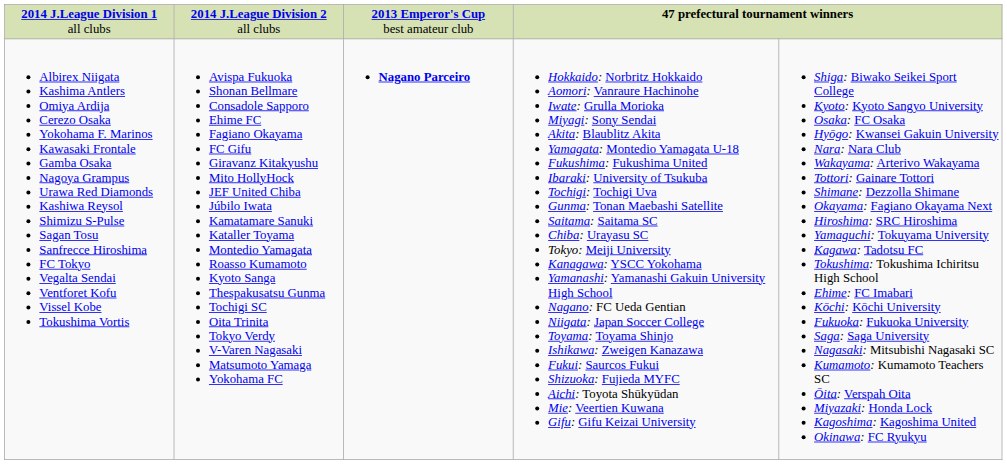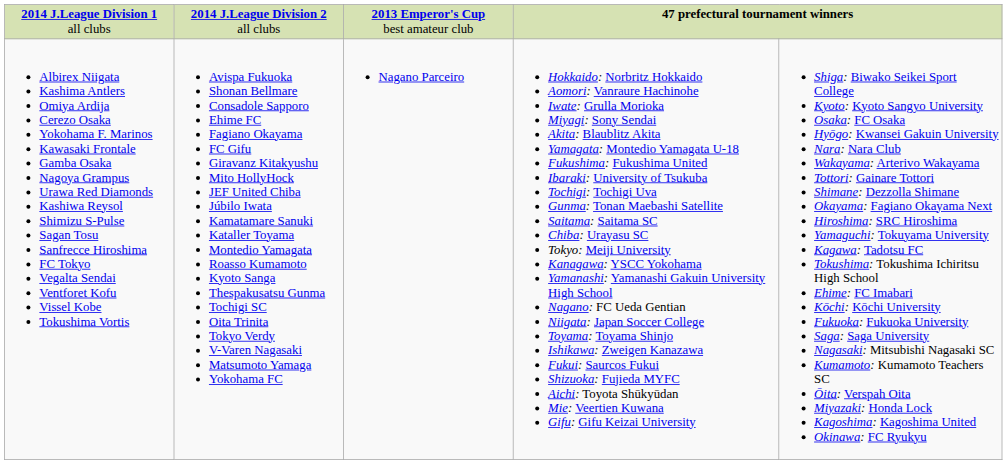 <table class="wikitable">
 <tr style="vertical-align:top; background:#d6e2b3; text-align:center;">
 <td style="width:17%;"><strong><a href='#'>2014 J.League Division 1</a></strong><br>all clubs</td>
 <td style="width:17%;"><strong><a href='#'>2014 J.League Division 2</a></strong><br>all clubs</td>
 <td style="width:17%;"><strong><a href='#'>2013 Emperor's Cup</a></strong><br>best amateur club</td>
 <td colspan="2" style="width:49%;"><strong>47 prefectural tournament winners</strong><br></td>
 </tr>
 <tr valign="top">
 <td><br><ul><li><a href='#'>Albirex Niigata</a></li><li><a href='#'>Kashima Antlers</a></li><li><a href='#'>Omiya Ardija</a></li><li><a href='#'>Cerezo Osaka</a></li><li><a href='#'>Yokohama F. Marinos</a></li><li><a href='#'>Kawasaki Frontale</a></li><li><a href='#'>Gamba Osaka</a></li><li><a href='#'>Nagoya Grampus</a></li><li><a href='#'>Urawa Red Diamonds</a></li><li><a href='#'>Kashiwa Reysol</a></li><li><a href='#'>Shimizu S-Pulse</a></li><li><a href='#'>Sagan Tosu</a></li><li><a href='#'>Sanfrecce Hiroshima</a></li><li><a href='#'>FC Tokyo</a></li><li><a href='#'>Vegalta Sendai</a></li><li><a href='#'>Ventforet Kofu</a></li><li><a href='#'>Vissel Kobe</a></li><li><a href='#'>Tokushima Vortis</a></li></ul></td>
 <td><br><ul><li><a href='#'>Avispa Fukuoka</a></li><li><a href='#'>Shonan Bellmare</a></li><li><a href='#'>Consadole Sapporo</a></li><li><a href='#'>Ehime FC</a></li><li><a href='#'>Fagiano Okayama</a></li><li><a href='#'>FC Gifu</a></li><li><a href='#'>Giravanz Kitakyushu</a></li><li><a href='#'>Mito HollyHock</a></li><li><a href='#'>JEF United Chiba</a></li><li><a href='#'>Júbilo Iwata</a></li><li><a href='#'>Kamatamare Sanuki</a></li><li><a href='#'>Kataller Toyama</a></li><li><a href='#'>Montedio Yamagata</a></li><li><a href='#'>Roasso Kumamoto</a></li><li><a href='#'>Kyoto Sanga</a></li><li><a href='#'>Thespakusatsu Gunma</a></li><li><a href='#'>Tochigi SC</a></li><li><a href='#'>Oita Trinita</a></li><li><a href='#'>Tokyo Verdy</a></li><li><a href='#'>V-Varen Nagasaki</a></li><li><a href='#'>Matsumoto Yamaga</a></li><li><a href='#'>Yokohama FC</a></li></ul></td>
-<td><strong><br><ul><li><a href='#'>Nagano Parceiro</a></li></ul></strong></td>
+<td><br><ul><li><a href='#'>Nagano Parceiro</a></li></ul></td>
 <td><br><ul><li><em><a href='#'>Hokkaido</a>:</em> <a href='#'>Norbritz Hokkaido</a></li><li><em><a href='#'>Aomori</a>:</em> <a href='#'>Vanraure Hachinohe</a></li><li><em><a href='#'>Iwate</a>:</em> <a href='#'>Grulla Morioka</a></li><li><em><a href='#'>Miyagi</a>:</em> <a href='#'>Sony Sendai</a></li><li><em><a href='#'>Akita</a>:</em> <a href='#'>Blaublitz Akita</a></li><li><em><a href='#'>Yamagata</a>:</em> <a href='#'>Montedio Yamagata U-18</a></li><li><em><a href='#'>Fukushima</a>:</em> <a href='#'>Fukushima United</a></li><li><em><a href='#'>Ibaraki</a>:</em> <a href='#'>University of Tsukuba</a></li><li><em><a href='#'>Tochigi</a>:</em> <a href='#'>Tochigi Uva</a></li><li><em><a href='#'>Gunma</a>:</em> <a href='#'>Tonan Maebashi Satellite</a></li><li><em><a href='#'>Saitama</a>:</em> <a href='#'>Saitama SC</a></li><li><em><a href='#'>Chiba</a>:</em> <a href='#'>Urayasu SC</a></li><li><em>Tokyo:</em> <a href='#'>Meiji University</a></li><li><em><a href='#'>Kanagawa</a>:</em> <a href='#'>YSCC Yokohama</a></li><li><em><a href='#'>Yamanashi</a>:</em> <a href='#'>Yamanashi Gakuin University High School</a></li><li><em><a href='#'>Nagano</a>:</em> FC Ueda Gentian</li><li><em><a href='#'>Niigata</a>:</em> <a href='#'>Japan Soccer College</a></li><li><em><a href='#'>Toyama</a>:</em> <a href='#'>Toyama Shinjo</a></li><li><em><a href='#'>Ishikawa</a>:</em> <a href='#'>Zweigen Kanazawa</a></li><li><em><a href='#'>Fukui</a>:</em> <a href='#'>Saurcos Fukui</a></li><li><em><a href='#'>Shizuoka</a>:</em> <a href='#'>Fujieda MYFC</a></li><li><em><a href='#'>Aichi</a>:</em> Toyota Shūkyūdan</li><li><em><a href='#'>Mie</a>:</em> <a href='#'>Veertien Kuwana</a></li><li><em><a href='#'>Gifu</a>:</em> <a href='#'>Gifu Keizai University</a></li></ul></td>
 <td><br><ul><li><em><a href='#'>Shiga</a>:</em> <a href='#'>Biwako Seikei Sport College</a></li><li><em><a href='#'>Kyoto</a>:</em> <a href='#'>Kyoto Sangyo University</a></li><li><em><a href='#'>Osaka</a>:</em> <a href='#'>FC Osaka</a></li><li><em><a href='#'>Hyōgo</a>:</em> <a href='#'>Kwansei Gakuin University</a></li><li><em><a href='#'>Nara</a>:</em> <a href='#'>Nara Club</a></li><li><em><a href='#'>Wakayama</a>:</em> <a href='#'>Arterivo Wakayama</a></li><li><em><a href='#'>Tottori</a>:</em> <a href='#'>Gainare Tottori</a></li><li><em><a href='#'>Shimane</a>:</em> <a href='#'>Dezzolla Shimane</a></li><li><em><a href='#'>Okayama</a>:</em> <a href='#'>Fagiano Okayama Next</a></li><li><em><a href='#'>Hiroshima</a>:</em> <a href='#'>SRC Hiroshima</a></li><li><em><a href='#'>Yamaguchi</a>:</em> <a href='#'>Tokuyama University</a></li><li><em><a href='#'>Kagawa</a>:</em> <a href='#'>Tadotsu FC</a></li><li><em><a href='#'>Tokushima</a>:</em> Tokushima Ichiritsu High School</li><li><em><a href='#'>Ehime</a>:</em> <a href='#'>FC Imabari</a></li><li><em><a href='#'>Kōchi</a>:</em> <a href='#'>Kōchi University</a></li><li><em><a href='#'>Fukuoka</a>:</em> <a href='#'>Fukuoka University</a></li><li><em><a href='#'>Saga</a>:</em> <a href='#'>Saga University</a></li><li><em><a href='#'>Nagasaki</a>:</em> Mitsubishi Nagasaki SC</li><li><em><a href='#'>Kumamoto</a>:</em> Kumamoto Teachers SC</li><li><em><a href='#'>Ōita</a>:</em> <a href='#'>Verspah Oita</a></li><li><em><a href='#'>Miyazaki</a>:</em> <a href='#'>Honda Lock</a></li><li><em><a href='#'>Kagoshima</a>:</em> <a href='#'>Kagoshima United</a></li><li><em><a href='#'>Okinawa</a>:</em> <a href='#'>FC Ryukyu</a></li></ul></td>
 </tr>
 </table>
